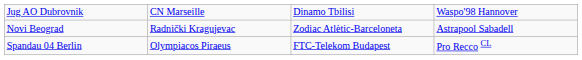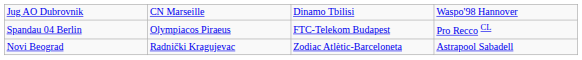 <table class="wikitable">
 <tr>
 <td width=220px> <a href='#'>Jug AO Dubrovnik</a></td>
 <td width=220px> <a href='#'>CN Marseille</a></td>
 <td width=220px> <a href='#'>Dinamo Tbilisi</a></td>
 <td width=220px> <a href='#'>Waspo'98 Hannover</a></td>
 </tr>
 <tr>
+<td> <a href='#'>Spandau 04 Berlin</a></td>
+<td> <a href='#'>Olympiacos Piraeus</a></td>
+<td> <a href='#'>FTC-Telekom Budapest</a></td>
+<td> <a href='#'>Pro Recco</a> <sup><a href='#'>CL</a></sup></td>
+</tr>
+<tr>
 <td> <a href='#'>Novi Beograd</a></td>
 <td> <a href='#'>Radnički Kragujevac</a></td>
 <td> <a href='#'>Zodiac Atlètic-Barceloneta</a></td>
 <td> <a href='#'>Astrapool Sabadell</a></td>
 </tr>
-<tr>
-<td> <a href='#'>Spandau 04 Berlin</a></td>
-<td> <a href='#'>Olympiacos Piraeus</a></td>
-<td> <a href='#'>FTC-Telekom Budapest</a></td>
-<td> <a href='#'>Pro Recco</a> <sup><a href='#'>CL</a></sup></td>
-</tr>
 </table>
